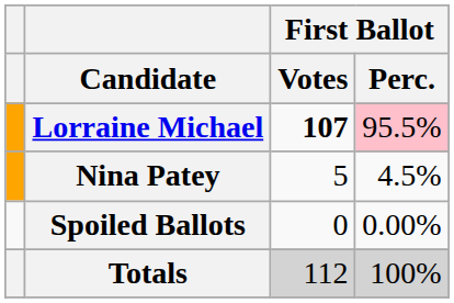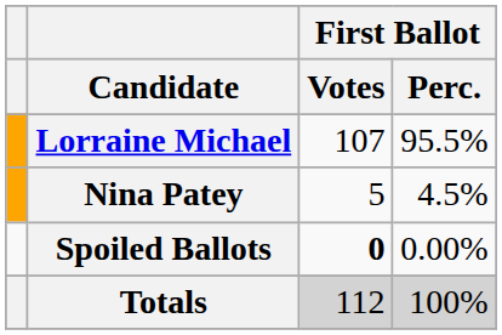 <table class="wikitable">
 <tr>
 <th width="3"></th>
 <th></th>
 <th colspan="2">First Ballot</th>
 </tr>
 <tr>
 <th width="3"></th>
 <th>Candidate</th>
 <th>Votes</th>
 <th>Perc.</th>
 </tr>
 <tr>
 <td style="background:orange;"></td>
 <th><a href='#'>Lorraine Michael</a></th>
-<td align="right"><strong>107</strong></td>
-<td align="right" style="background: pink;">95.5%</td>
+<td align="right">107</td>
+<td align="right">95.5%</td>
 </tr>
 <tr>
 <td style="background:orange;"></td>
 <th>Nina Patey</th>
 <td align="right">5</td>
 <td align="right">4.5%</td>
 </tr>
 <tr>
 <td></td>
 <th>Spoiled Ballots</th>
-<td align="right">0</td>
+<td align="right"><strong>0</strong></td>
 <td align="right">0.00%</td>
 </tr>
 <tr style="background:lightgrey;">
 <th></th>
 <th>Totals</th>
 <td align="right">112</td>
 <td align="right">100%</td>
 </tr>
 </table>
